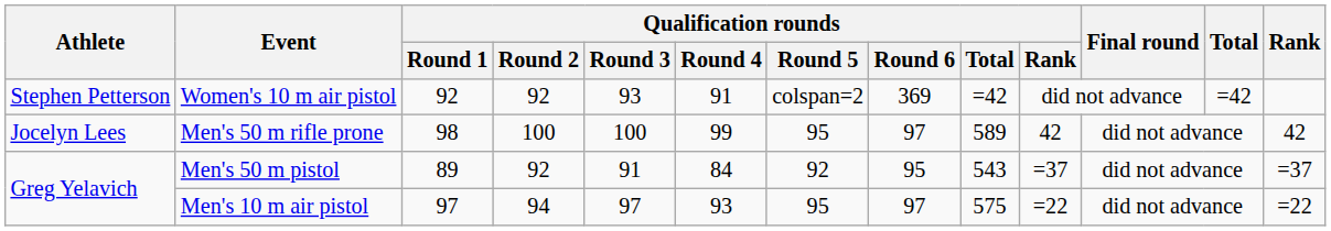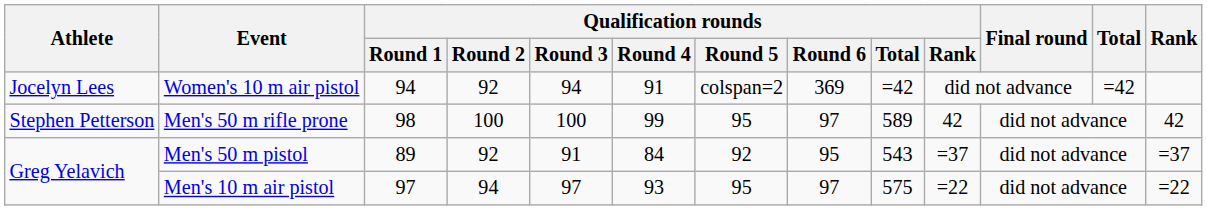 <table class="wikitable" style="font-size:90%">
 <tr>
 <th rowspan=2>Athlete</th>
 <th rowspan=2>Event</th>
 <th colspan=8>Qualification rounds</th>
 <th rowspan=2>Final round</th>
 <th rowspan=2>Total</th>
 <th rowspan=2>Rank</th>
 </tr>
 <tr>
 <th>Round 1</th>
 <th>Round 2</th>
 <th>Round 3</th>
 <th>Round 4</th>
 <th>Round 5</th>
 <th>Round 6</th>
 <th>Total</th>
 <th>Rank</th>
 </tr>
 <tr align=center>
-<td align=left><a href='#'>Stephen Petterson</a></td>
+<td align=left><a href='#'>Jocelyn Lees</a></td>
 <td align=left><a href='#'>Women's 10 m air pistol</a></td>
+<td>94</td>
 <td>92</td>
-<td>92</td>
-<td>93</td>
+<td>94</td>
 <td>91</td>
 <td>colspan=2 </td>
 <td>369</td>
 <td>=42</td>
 <td colspan=2>did not advance</td>
 <td>=42</td>
 </tr>
 <tr align=center>
-<td align=left><a href='#'>Jocelyn Lees</a></td>
+<td align=left><a href='#'>Stephen Petterson</a></td>
 <td align=left><a href='#'>Men's 50 m rifle prone</a></td>
 <td>98</td>
 <td>100</td>
 <td>100</td>
 <td>99</td>
 <td>95</td>
 <td>97</td>
 <td>589</td>
 <td>42</td>
 <td colspan=2>did not advance</td>
 <td>42</td>
 </tr>
 <tr align=center>
 <td align=left rowspan=2><a href='#'>Greg Yelavich</a></td>
 <td align=left><a href='#'>Men's 50 m pistol</a></td>
 <td>89</td>
 <td>92</td>
 <td>91</td>
 <td>84</td>
 <td>92</td>
 <td>95</td>
 <td>543</td>
 <td>=37</td>
 <td colspan=2>did not advance</td>
 <td>=37</td>
 </tr>
 <tr align=center>
 <td align=left><a href='#'>Men's 10 m air pistol</a></td>
 <td>97</td>
 <td>94</td>
 <td>97</td>
 <td>93</td>
 <td>95</td>
 <td>97</td>
 <td>575</td>
 <td>=22</td>
 <td colspan=2>did not advance</td>
 <td>=22</td>
 </tr>
 </table>
